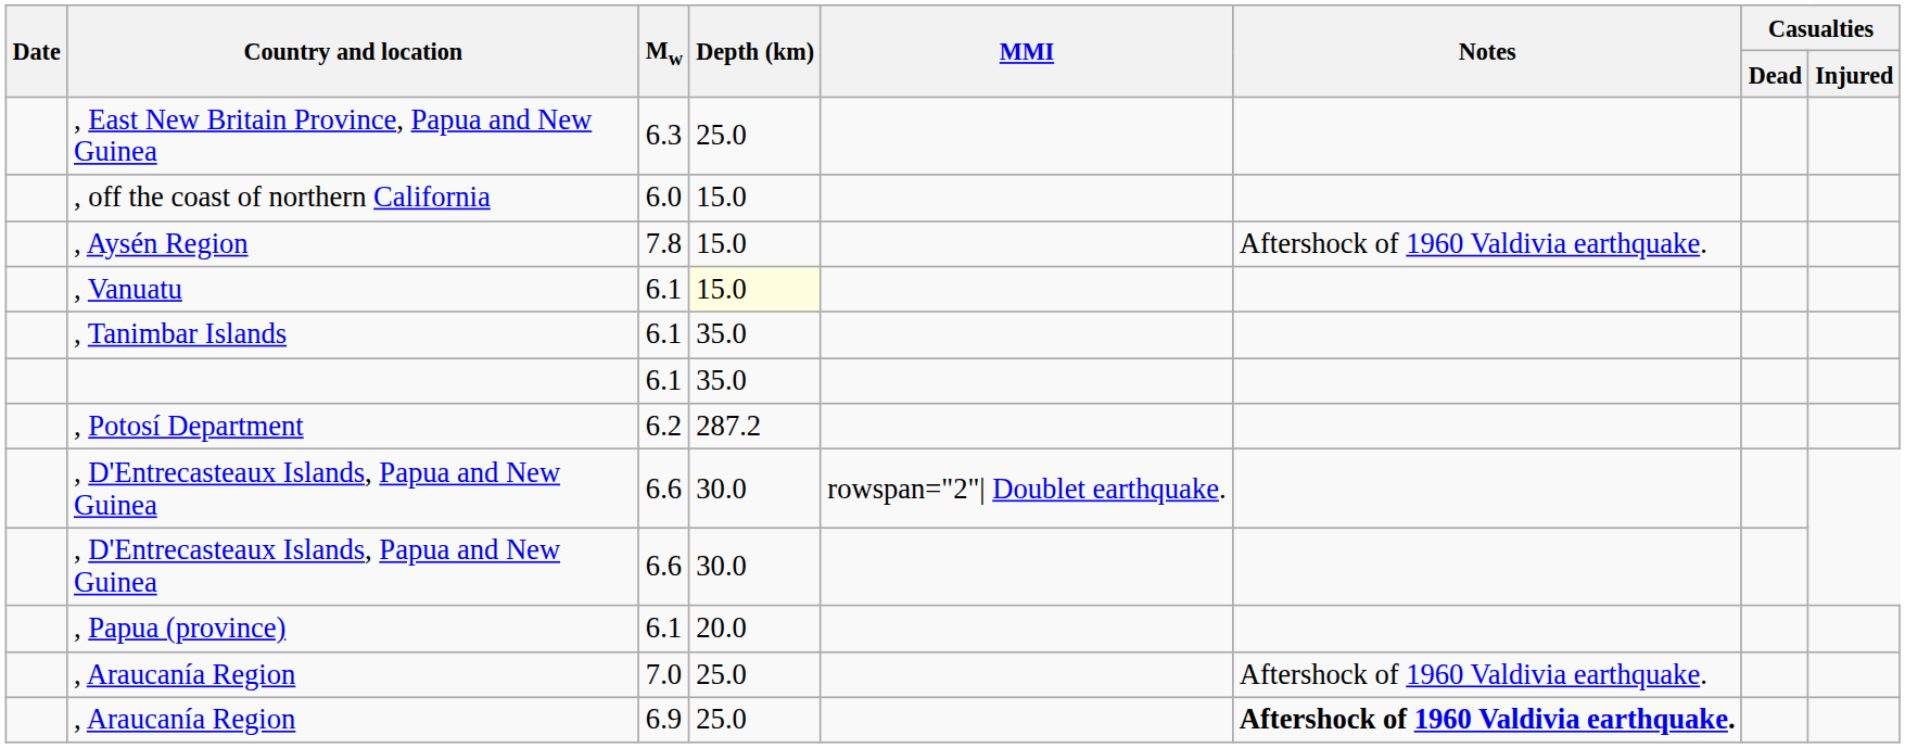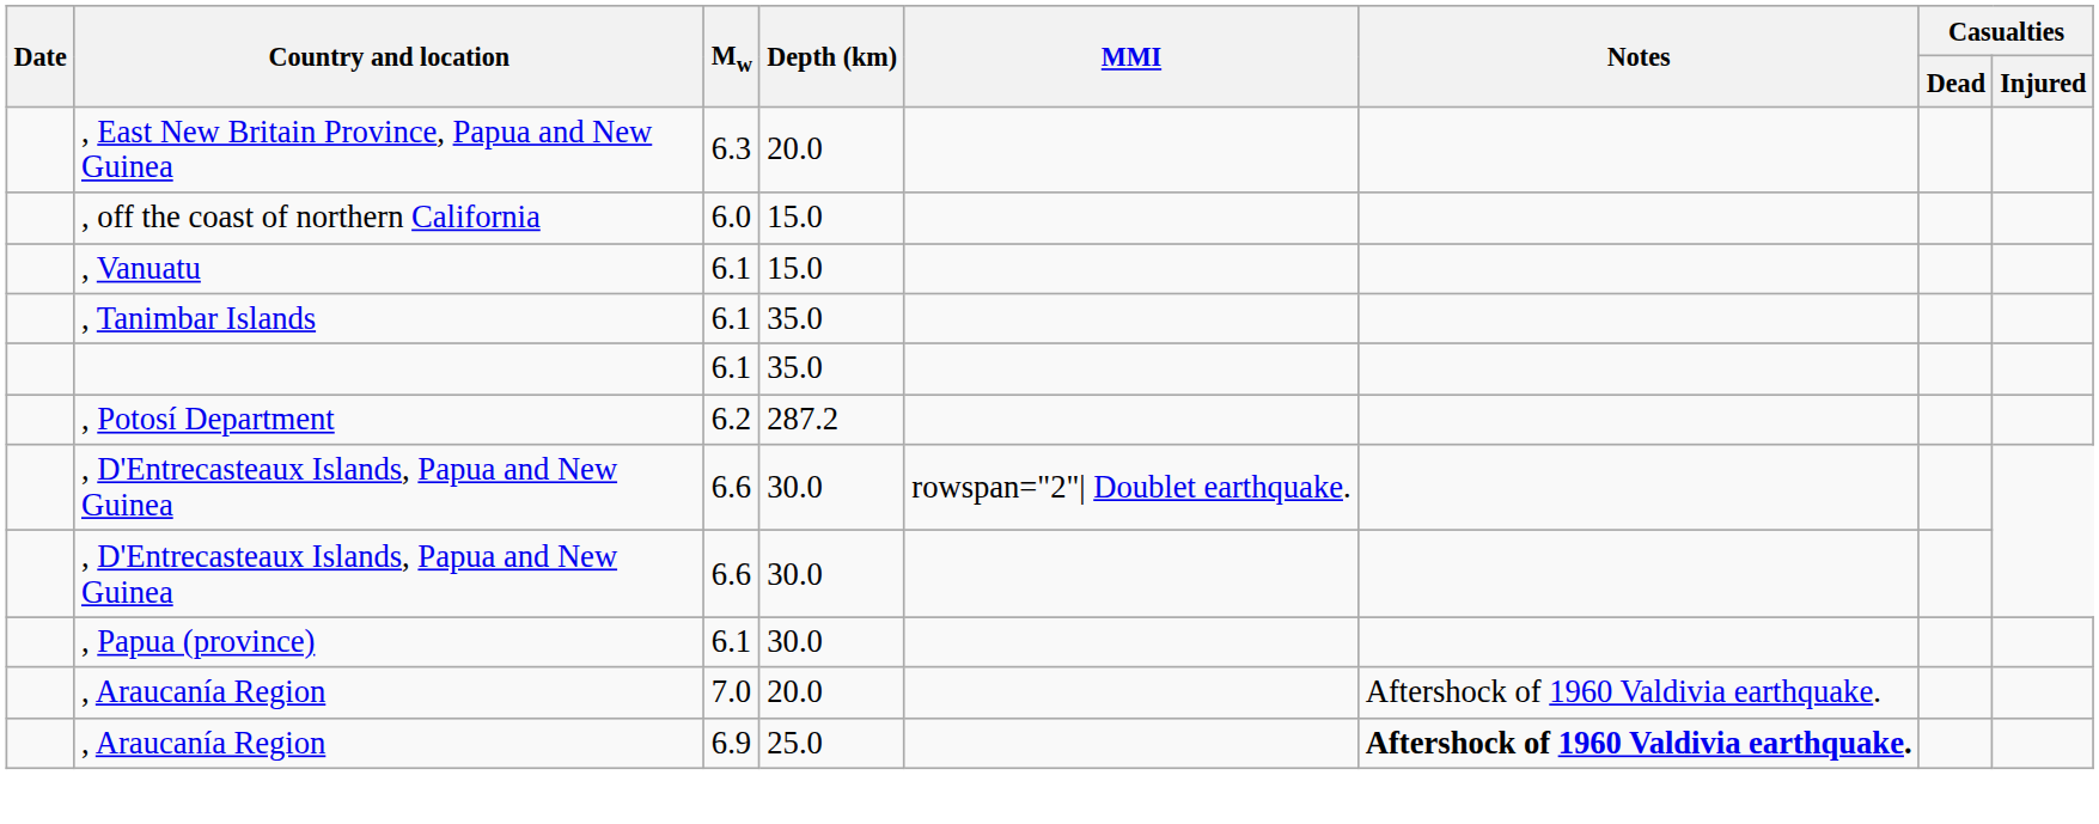 <table class="wikitable sortable sort-under" style="border:1px black; margin-left:1em;">
 <tr>
 <th rowspan="2"><small>Date</small></th>
 <th rowspan="2" style="width: 310px"><small>Country and location</small></th>
 <th rowspan="2"><small>M<sub>w</sub></small></th>
 <th rowspan="2"><small>Depth (km)</small></th>
 <th rowspan="2"><small><a href='#'>MMI</a></small></th>
 <th rowspan="2" class="unsortable"><small>Notes</small></th>
 <th colspan="2"><small>Casualties</small></th>
 </tr>
 <tr>
 <th><small>Dead</small></th>
 <th><small>Injured</small></th>
 </tr>
 <tr>
 <td></td>
 <td>, <a href='#'>East New Britain Province</a>, <a href='#'>Papua and New Guinea</a></td>
 <td>6.3</td>
-<td>25.0</td>
+<td>20.0</td>
 <td></td>
 <td></td>
 <td></td>
 <td></td>
 </tr>
 <tr>
 <td></td>
 <td>, off the coast of northern <a href='#'>California</a></td>
 <td>6.0</td>
 <td>15.0</td>
 <td></td>
 <td></td>
 <td></td>
 <td></td>
 </tr>
 <tr>
 <td></td>
-<td>, <a href='#'>Aysén Region</a></td>
-<td>7.8</td>
-<td>15.0</td>
-<td></td>
-<td>Aftershock of <a href='#'>1960 Valdivia earthquake</a>.</td>
-<td></td>
-<td></td>
-</tr>
-<tr>
-<td></td>
 <td>, <a href='#'>Vanuatu</a></td>
 <td>6.1</td>
-<td style="background: lightyellow;">15.0</td>
+<td>15.0</td>
 <td></td>
 <td></td>
 <td></td>
 <td></td>
 </tr>
 <tr>
 <td></td>
 <td>, <a href='#'>Tanimbar Islands</a></td>
 <td>6.1</td>
 <td>35.0</td>
 <td></td>
 <td></td>
 <td></td>
 <td></td>
 </tr>
 <tr>
 <td></td>
 <td></td>
 <td>6.1</td>
 <td>35.0</td>
 <td></td>
 <td></td>
 <td></td>
 <td></td>
 </tr>
 <tr>
 <td></td>
 <td>, <a href='#'>Potosí Department</a></td>
 <td>6.2</td>
 <td>287.2</td>
 <td></td>
 <td></td>
 <td></td>
 <td></td>
 </tr>
 <tr>
 <td></td>
 <td>, <a href='#'>D'Entrecasteaux Islands</a>, <a href='#'>Papua and New Guinea</a></td>
 <td>6.6</td>
 <td>30.0</td>
 <td>rowspan="2"| <a href='#'>Doublet earthquake</a>.</td>
 <td></td>
 <td></td>
 </tr>
 <tr>
 <td></td>
 <td>, <a href='#'>D'Entrecasteaux Islands</a>, <a href='#'>Papua and New Guinea</a></td>
 <td>6.6</td>
 <td>30.0</td>
 <td></td>
 <td></td>
 <td></td>
 </tr>
 <tr>
 <td></td>
 <td>, <a href='#'>Papua (province)</a></td>
 <td>6.1</td>
-<td>20.0</td>
+<td>30.0</td>
 <td></td>
 <td></td>
 <td></td>
 <td></td>
 </tr>
 <tr>
 <td></td>
 <td>, <a href='#'>Araucanía Region</a></td>
 <td>7.0</td>
-<td>25.0</td>
+<td>20.0</td>
 <td></td>
 <td>Aftershock of <a href='#'>1960 Valdivia earthquake</a>.</td>
 <td></td>
 <td></td>
 </tr>
 <tr>
 <td></td>
 <td>, <a href='#'>Araucanía Region</a></td>
 <td>6.9</td>
 <td>25.0</td>
 <td></td>
 <td><strong>Aftershock of <a href='#'>1960 Valdivia earthquake</a>.</strong></td>
 <td></td>
 <td></td>
 </tr>
 </table>
